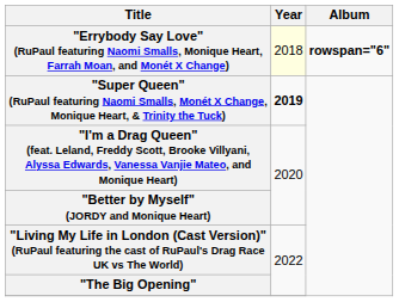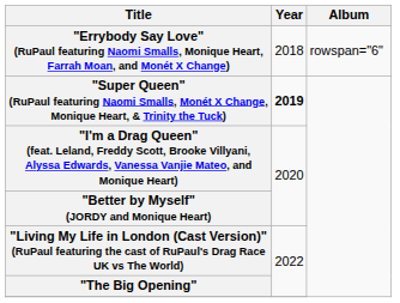 <table class="wikitable plainrowheaders" style="text-align:left;">
 <tr>
 <th scope="col"  style="width:20em;">Title</th>
 <th scope="col"  style="width:2em;">Year</th>
 <th scope="col"  style="width:6em;">Album</th>
 </tr>
 <tr>
 <th scope="row">"Errybody Say Love" <br><small>(RuPaul featuring <a href='#'>Naomi Smalls</a>, Monique Heart, <a href='#'>Farrah Moan</a>, and <a href='#'>Monét X Change</a>)</small></th>
-<td rowspan="1" style="background: lightyellow;">2018</td>
-<td><strong>rowspan="6" </strong></td>
+<td rowspan="1">2018</td>
+<td>rowspan="6" </td>
 </tr>
 <tr>
 <th scope="row">"Super Queen" <br><small>(RuPaul featuring <a href='#'>Naomi Smalls</a>, <a href='#'>Monét X Change</a>, Monique Heart, & <a href='#'>Trinity the Tuck</a>)</small></th>
 <td rowspan="1"><strong>2019</strong></td>
 </tr>
 <tr>
 <th scope="row">"I'm a Drag Queen" <br><small>(feat. Leland, Freddy Scott, Brooke Villyani, <a href='#'>Alyssa Edwards</a>, <a href='#'>Vanessa Vanjie Mateo</a>, and Monique Heart)</small></th>
 <td rowspan="2">2020</td>
 </tr>
 <tr>
 <th scope="row">"Better by Myself"<br><small>(JORDY and Monique Heart)</small></th>
 </tr>
 <tr>
 <th scope="row">"Living My Life in London (Cast Version)" <br><small>(RuPaul featuring the cast of RuPaul's Drag Race UK vs The World)</small></th>
 <td rowspan="2">2022</td>
 </tr>
 <tr>
 <th scope="row">"The Big Opening"<br></th>
 </tr>
 <tr>
 </tr>
 </table>
